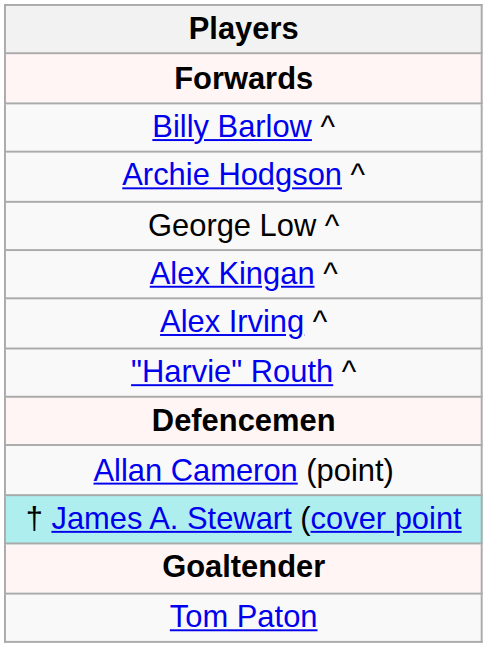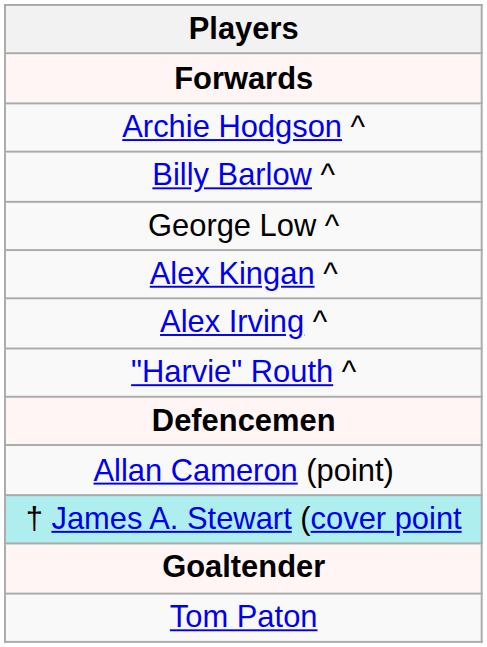 <table class="wikitable" style="text-align:center;">
 <tr>
 <th style="width: 240px;">Players</th>
 </tr>
 <tr style="font-weight:bold; background-color:#FFF5F5;">
 <td colspan="1" align="center"><strong>Forwards</strong></td>
 </tr>
 <tr>
-<td><a href='#'>Billy Barlow</a> ^</td>
+<td><a href='#'>Archie Hodgson</a> ^</td>
 </tr>
 <tr>
-<td><a href='#'>Archie Hodgson</a> ^</td>
+<td><a href='#'>Billy Barlow</a> ^</td>
 </tr>
 <tr>
 <td>George Low ^</td>
 </tr>
 <tr>
 <td><a href='#'>Alex Kingan</a> ^</td>
 </tr>
 <tr>
 <td><a href='#'>Alex Irving</a> ^</td>
 </tr>
 <tr>
 <td><a href='#'>"Harvie" Routh</a> ^</td>
 </tr>
 <tr style="font-weight:bold; background-color:#FFF5F5;">
 <td colspan="1" align="center"><strong>Defencemen</strong></td>
 </tr>
 <tr>
 <td><a href='#'>Allan Cameron</a> (point)</td>
 </tr>
 <tr>
 <td style="background: paleturquoise;">† <a href='#'>James A. Stewart</a> (<a href='#'>cover point</a></td>
 </tr>
 <tr style="font-weight:bold; background-color:#FFF5F5;">
 <td colspan="1" align="center"><strong>Goaltender</strong></td>
 </tr>
 <tr>
 <td><a href='#'>Tom Paton</a></td>
 </tr>
 </table>
